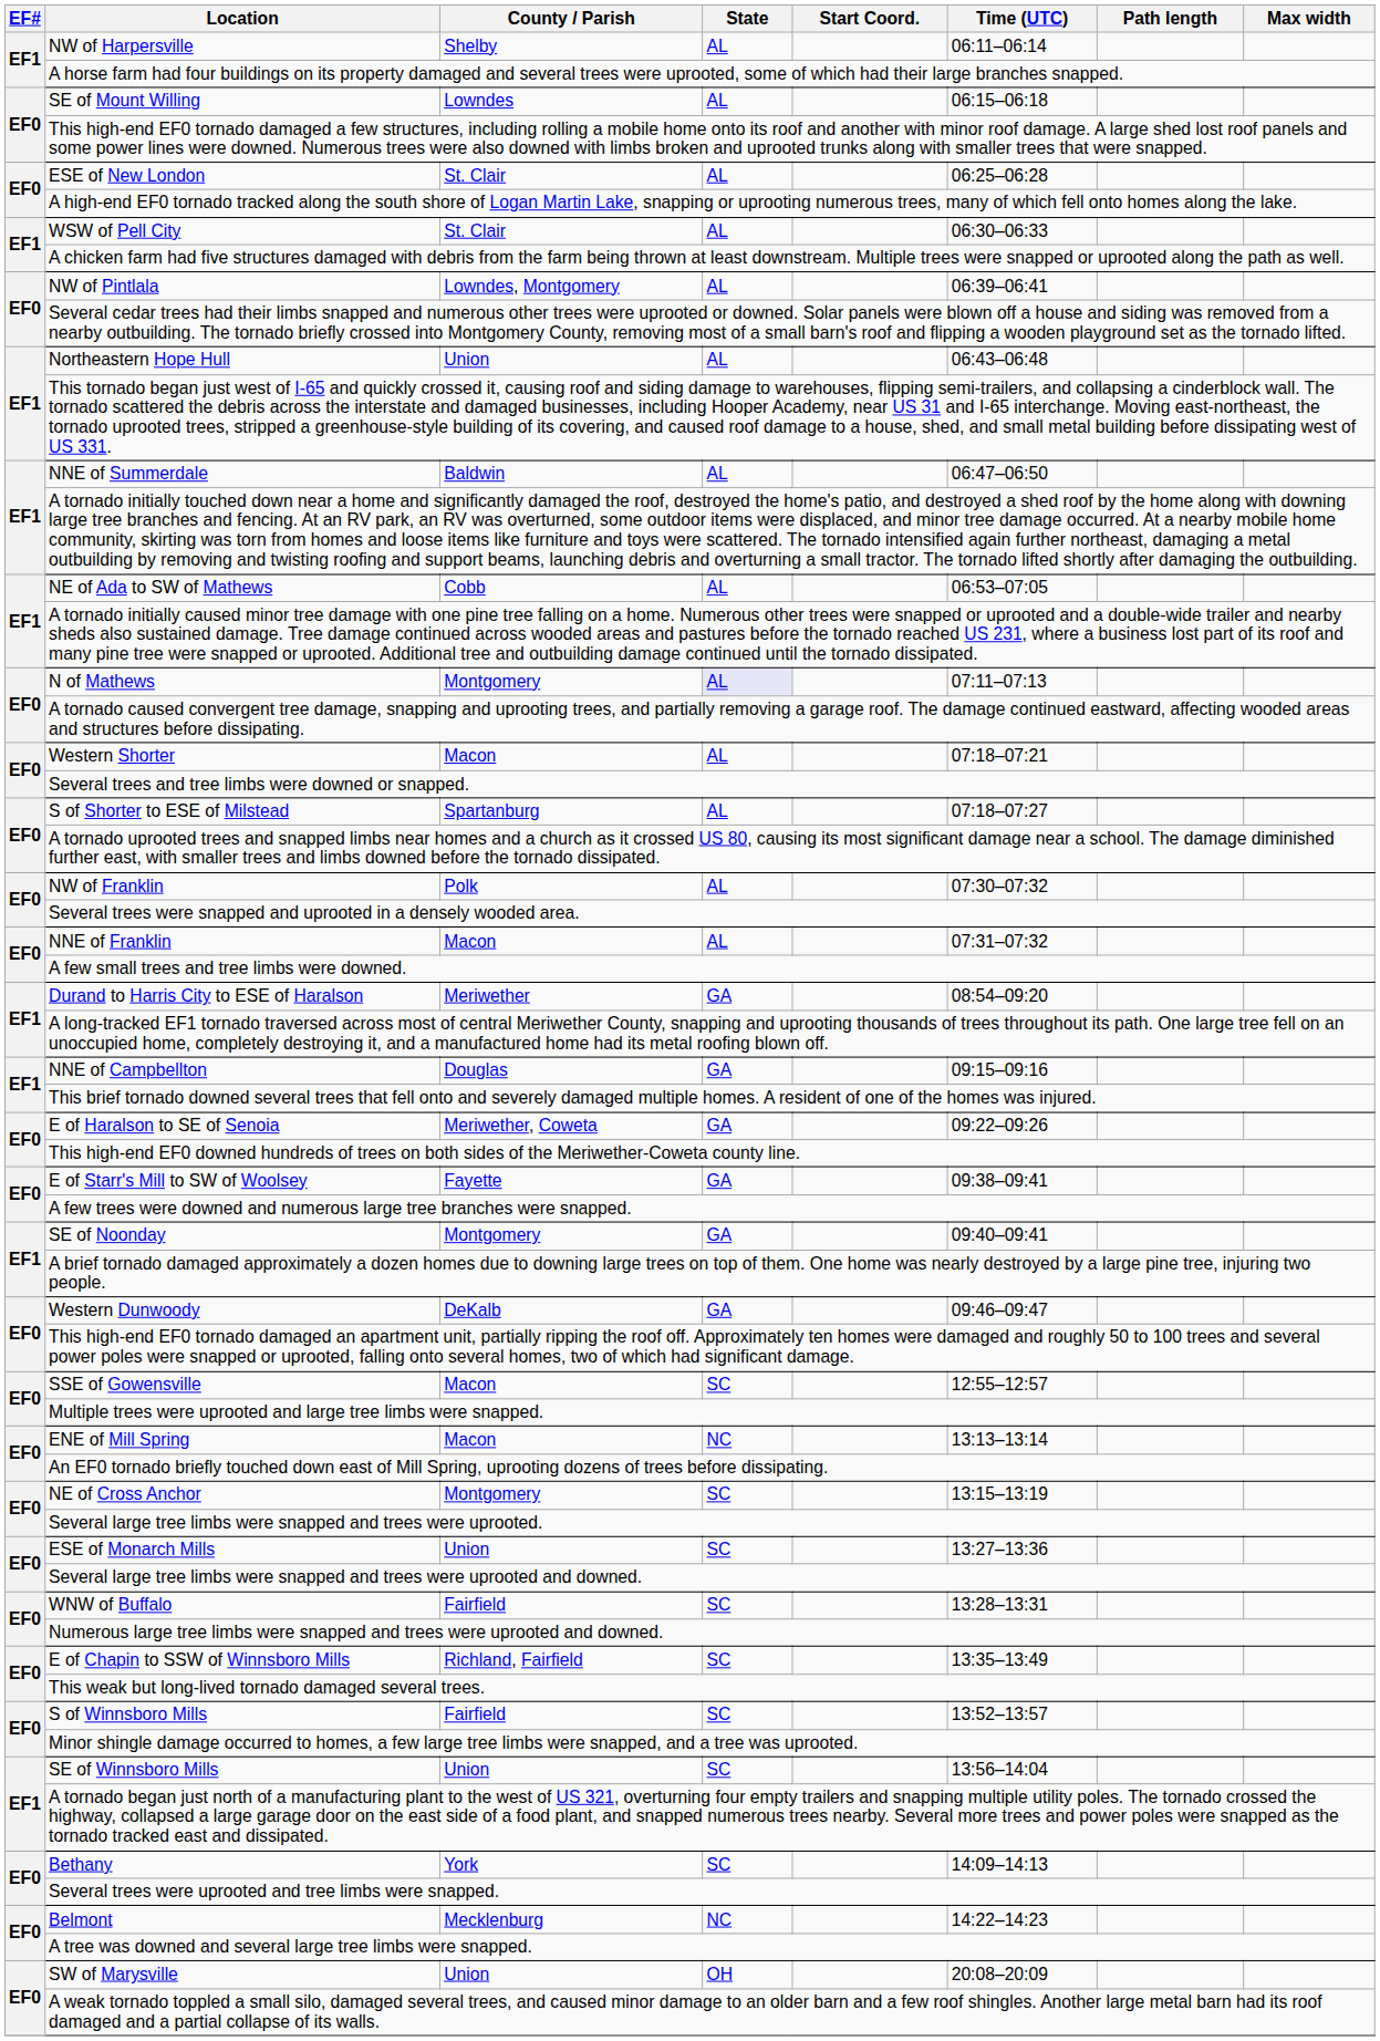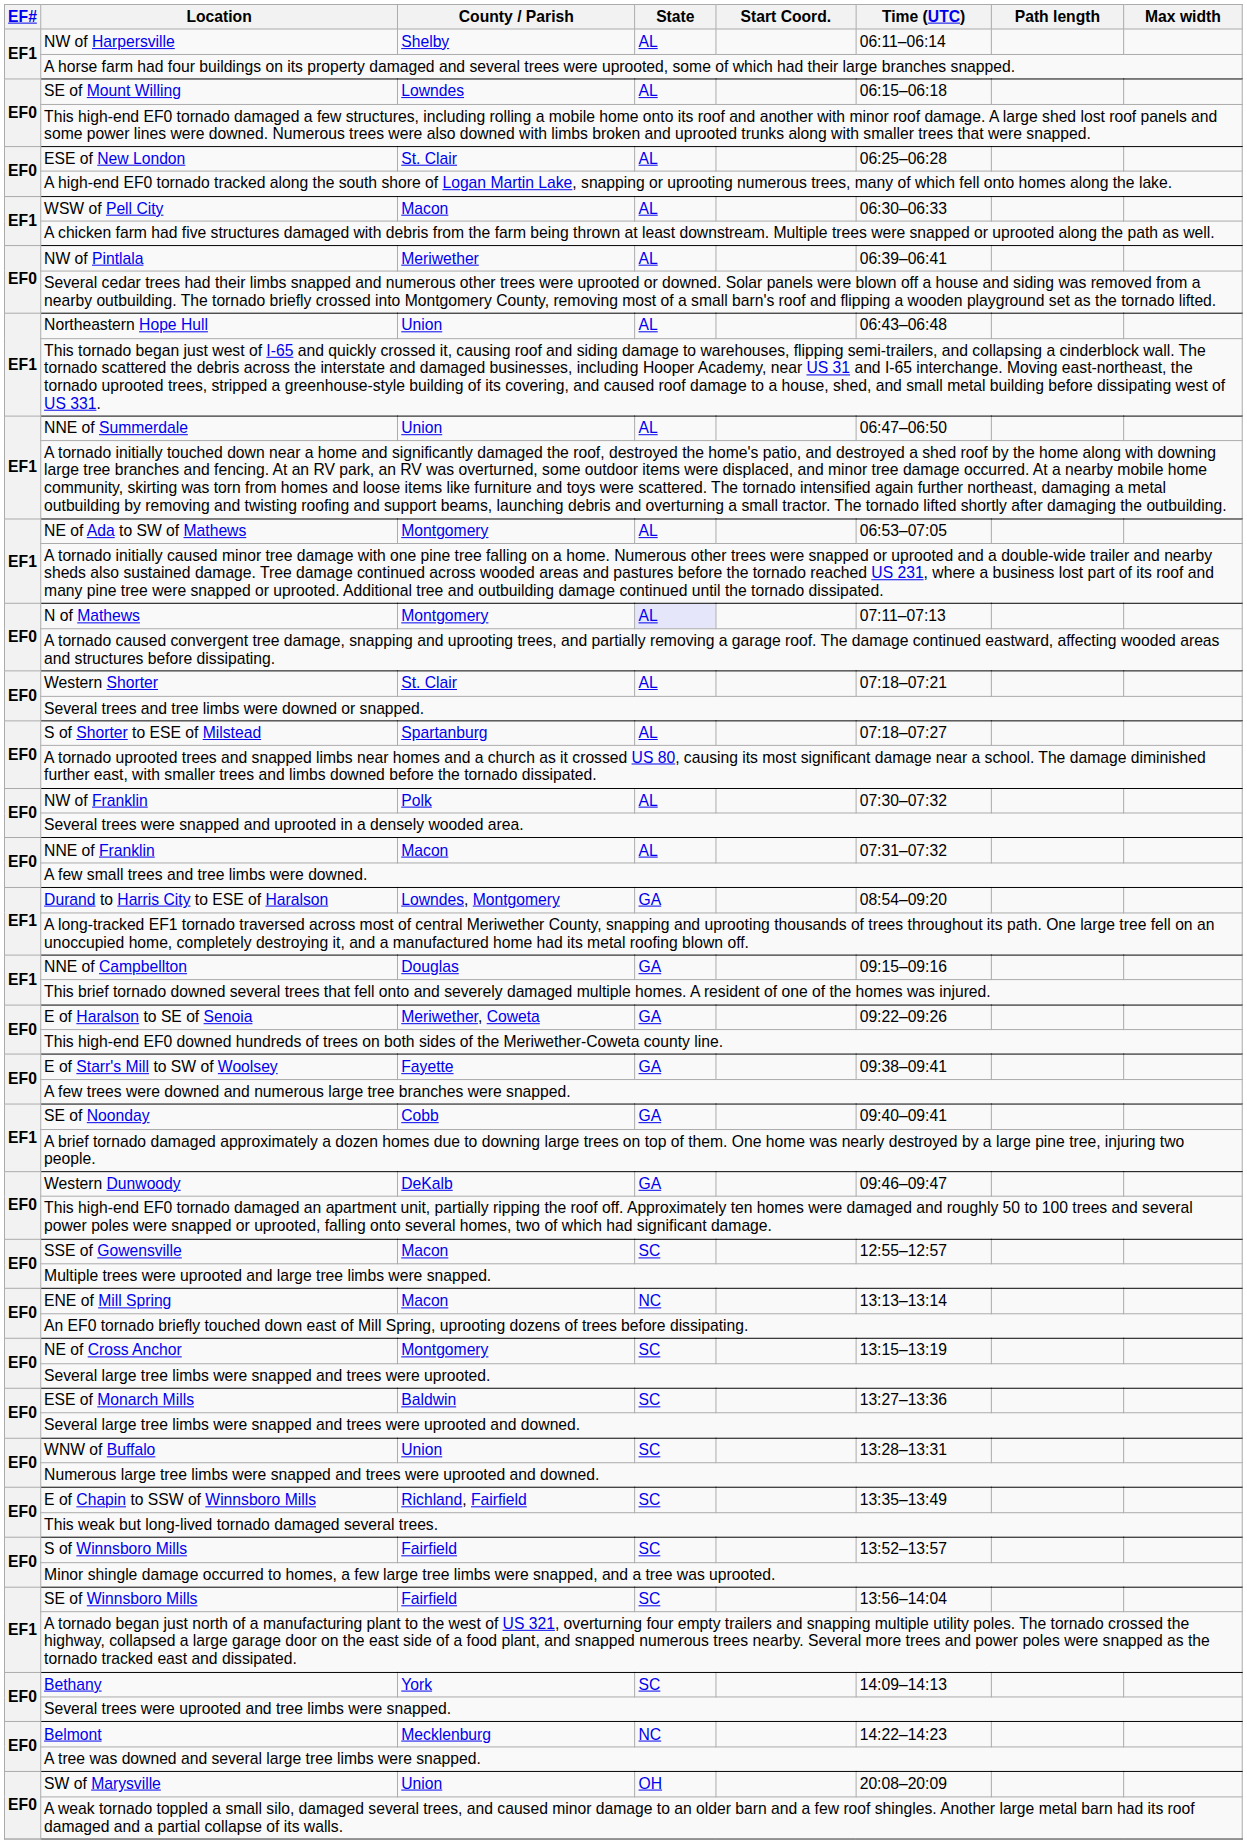 <table class="wikitable sortable" style="width:100%;">
 <tr>
 <th scope="col" width="2%" align="center"><a href='#'>EF#</a></th>
 <th scope="col" align="center" class="unsortable">Location</th>
 <th scope="col" align="center" class="unsortable">County / Parish</th>
 <th scope="col" align="center">State</th>
 <th scope="col" align="center">Start Coord.</th>
 <th scope="col" align="center">Time (<a href='#'>UTC</a>)</th>
 <th scope="col" align="center">Path length</th>
 <th scope="col" align="center">Max width</th>
 </tr>
 <tr>
 <th scope="row" rowspan="2" style="background-color:#">EF1</th>
 <td>NW of <a href='#'>Harpersville</a></td>
 <td><a href='#'>Shelby</a></td>
 <td><a href='#'>AL</a></td>
 <td></td>
 <td>06:11–06:14</td>
 <td></td>
 <td></td>
 </tr>
 <tr class="expand-child">
 <td colspan="7" style=" border-bottom: 1px solid black;">A horse farm had four buildings on its property damaged and several trees were uprooted, some of which had their large branches snapped.</td>
 </tr>
 <tr>
 <th scope="row" rowspan="2" style="background-color:#">EF0</th>
 <td>SE of <a href='#'>Mount Willing</a></td>
 <td><a href='#'>Lowndes</a></td>
 <td><a href='#'>AL</a></td>
 <td></td>
 <td>06:15–06:18</td>
 <td></td>
 <td></td>
 </tr>
 <tr class="expand-child">
 <td colspan="7" style=" border-bottom: 1px solid black;">This high-end EF0 tornado damaged a few structures, including rolling a mobile home onto its roof and another with minor roof damage. A large shed lost roof panels and some power lines were downed. Numerous trees were also downed with limbs broken and uprooted trunks along with smaller trees that were snapped.</td>
 </tr>
 <tr>
 <th scope="row" rowspan="2" style="background-color:#">EF0</th>
 <td>ESE of <a href='#'>New London</a></td>
 <td><a href='#'>St. Clair</a></td>
 <td><a href='#'>AL</a></td>
 <td></td>
 <td>06:25–06:28</td>
 <td></td>
 <td></td>
 </tr>
 <tr class="expand-child">
 <td colspan="7" style=" border-bottom: 1px solid black;">A high-end EF0 tornado tracked along the south shore of <a href='#'>Logan Martin Lake</a>, snapping or uprooting numerous trees, many of which fell onto homes along the lake.</td>
 </tr>
 <tr>
 <th scope="row" rowspan="2" style="background-color:#">EF1</th>
 <td>WSW of <a href='#'>Pell City</a></td>
-<td><a href='#'>St. Clair</a></td>
+<td><a href='#'>Macon</a></td>
 <td><a href='#'>AL</a></td>
 <td></td>
 <td>06:30–06:33</td>
 <td></td>
 <td></td>
 </tr>
 <tr class="expand-child">
 <td colspan="7" style=" border-bottom: 1px solid black;">A chicken farm had five structures damaged with debris from the farm being thrown at least  downstream. Multiple trees were snapped or uprooted along the path as well.</td>
 </tr>
 <tr>
 <th scope="row" rowspan="2" style="background-color:#">EF0</th>
 <td>NW of <a href='#'>Pintlala</a></td>
-<td><a href='#'>Lowndes</a>, <a href='#'>Montgomery</a></td>
+<td><a href='#'>Meriwether</a></td>
 <td><a href='#'>AL</a></td>
 <td></td>
 <td>06:39–06:41</td>
 <td></td>
 <td></td>
 </tr>
 <tr class="expand-child">
 <td colspan="7" style=" border-bottom: 1px solid black;">Several cedar trees had their limbs snapped and numerous other trees were uprooted or downed. Solar panels were blown off a house and siding was removed from a nearby outbuilding. The tornado briefly crossed into Montgomery County, removing most of a small barn's roof and flipping a wooden playground set as the tornado lifted.</td>
 </tr>
 <tr>
 <th scope="row" rowspan="2" style="background-color:#">EF1</th>
 <td>Northeastern <a href='#'>Hope Hull</a></td>
 <td><a href='#'>Union</a></td>
 <td><a href='#'>AL</a></td>
 <td></td>
 <td>06:43–06:48</td>
 <td></td>
 <td></td>
 </tr>
 <tr class="expand-child">
 <td colspan="7" style=" border-bottom: 1px solid black;">This tornado began just west of <a href='#'>I-65</a> and quickly crossed it, causing roof and siding damage to warehouses, flipping semi-trailers, and collapsing a cinderblock wall. The tornado scattered the debris across the interstate and damaged businesses, including Hooper Academy, near <a href='#'>US 31</a> and I-65 interchange. Moving east-northeast, the tornado uprooted trees, stripped a greenhouse-style building of its covering, and caused roof damage to a house, shed, and small metal building before dissipating west of <a href='#'>US 331</a>.</td>
 </tr>
 <tr>
 <th scope="row" rowspan="2" style="background-color:#">EF1</th>
 <td>NNE of <a href='#'>Summerdale</a></td>
-<td><a href='#'>Baldwin</a></td>
+<td><a href='#'>Union</a></td>
 <td><a href='#'>AL</a></td>
 <td></td>
 <td>06:47–06:50</td>
 <td></td>
 <td></td>
 </tr>
 <tr class="expand-child">
 <td colspan="7" style=" border-bottom: 1px solid black;">A tornado initially touched down near a home and significantly damaged the roof, destroyed the home's patio, and destroyed a shed roof by the home along with downing large tree branches and fencing. At an RV park, an RV was overturned, some outdoor items were displaced, and minor tree damage occurred. At a nearby mobile home community, skirting was torn from homes and loose items like furniture and toys were scattered. The tornado intensified again further northeast, damaging a metal outbuilding by removing and twisting roofing and support beams, launching debris and overturning a small tractor. The tornado lifted shortly after damaging the outbuilding.</td>
 </tr>
 <tr>
 <th scope="row" rowspan="2" style="background-color:#">EF1</th>
 <td>NE of <a href='#'>Ada</a> to SW of <a href='#'>Mathews</a></td>
-<td><a href='#'>Cobb</a></td>
+<td><a href='#'>Montgomery</a></td>
 <td><a href='#'>AL</a></td>
 <td></td>
 <td>06:53–07:05</td>
 <td></td>
 <td></td>
 </tr>
 <tr class="expand-child">
 <td colspan="7" style=" border-bottom: 1px solid black;">A tornado initially caused minor tree damage with one pine tree falling on a home. Numerous other trees were snapped or uprooted and a double-wide trailer and nearby sheds also sustained damage. Tree damage continued across wooded areas and pastures before the tornado reached <a href='#'>US 231</a>, where a business lost part of its roof and many pine tree were snapped or uprooted. Additional tree and outbuilding damage continued until the tornado dissipated.</td>
 </tr>
 <tr>
 <th scope="row" rowspan="2" style="background-color:#">EF0</th>
 <td>N of <a href='#'>Mathews</a></td>
 <td><a href='#'>Montgomery</a></td>
 <td style="background: lavender;"><a href='#'>AL</a></td>
 <td></td>
 <td>07:11–07:13</td>
 <td></td>
 <td></td>
 </tr>
 <tr class="expand-child">
 <td colspan="7" style=" border-bottom: 1px solid black;">A tornado caused convergent tree damage, snapping and uprooting trees, and partially removing a garage roof. The damage continued eastward, affecting wooded areas and structures before dissipating.</td>
 </tr>
 <tr>
 <th scope="row" rowspan="2" style="background-color:#">EF0</th>
 <td>Western <a href='#'>Shorter</a></td>
-<td><a href='#'>Macon</a></td>
+<td><a href='#'>St. Clair</a></td>
 <td><a href='#'>AL</a></td>
 <td></td>
 <td>07:18–07:21</td>
 <td></td>
 <td></td>
 </tr>
 <tr class="expand-child">
 <td colspan="7" style=" border-bottom: 1px solid black;">Several trees and tree limbs were downed or snapped.</td>
 </tr>
 <tr>
 <th scope="row" rowspan="2" style="background-color:#">EF0</th>
 <td>S of <a href='#'>Shorter</a> to ESE of <a href='#'>Milstead</a></td>
 <td><a href='#'>Spartanburg</a></td>
 <td><a href='#'>AL</a></td>
 <td></td>
 <td>07:18–07:27</td>
 <td></td>
 <td></td>
 </tr>
 <tr class="expand-child">
 <td colspan="7" style=" border-bottom: 1px solid black;">A tornado uprooted trees and snapped limbs near homes and a church as it crossed <a href='#'>US 80</a>, causing its most significant damage near a school. The damage diminished further east, with smaller trees and limbs downed before the tornado dissipated.</td>
 </tr>
 <tr>
 <th scope="row" rowspan="2" style="background-color:#">EF0</th>
 <td>NW of <a href='#'>Franklin</a></td>
 <td><a href='#'>Polk</a></td>
 <td><a href='#'>AL</a></td>
 <td></td>
 <td>07:30–07:32</td>
 <td></td>
 <td></td>
 </tr>
 <tr class="expand-child">
 <td colspan="7" style=" border-bottom: 1px solid black;">Several trees were snapped and uprooted in a densely wooded area.</td>
 </tr>
 <tr>
 <th scope="row" rowspan="2" style="background-color:#">EF0</th>
 <td>NNE of <a href='#'>Franklin</a></td>
 <td><a href='#'>Macon</a></td>
 <td><a href='#'>AL</a></td>
 <td></td>
 <td>07:31–07:32</td>
 <td></td>
 <td></td>
 </tr>
 <tr class="expand-child">
 <td colspan="7" style=" border-bottom: 1px solid black;">A few small trees and tree limbs were downed.</td>
 </tr>
 <tr>
 <th scope="row" rowspan="2" style="background-color:#">EF1</th>
 <td><a href='#'>Durand</a> to <a href='#'>Harris City</a> to ESE of <a href='#'>Haralson</a></td>
-<td><a href='#'>Meriwether</a></td>
+<td><a href='#'>Lowndes</a>, <a href='#'>Montgomery</a></td>
 <td><a href='#'>GA</a></td>
 <td></td>
 <td>08:54–09:20</td>
 <td></td>
 <td></td>
 </tr>
 <tr class="expand-child">
 <td colspan="7" style=" border-bottom: 1px solid black;">A long-tracked EF1 tornado traversed across most of central Meriwether County, snapping and uprooting thousands of trees throughout its path. One large tree fell on an unoccupied home, completely destroying it, and a manufactured home had its metal roofing blown off.</td>
 </tr>
 <tr>
 <th scope="row" rowspan="2" style="background-color:#">EF1</th>
 <td>NNE of <a href='#'>Campbellton</a></td>
 <td><a href='#'>Douglas</a></td>
 <td><a href='#'>GA</a></td>
 <td></td>
 <td>09:15–09:16</td>
 <td></td>
 <td></td>
 </tr>
 <tr class="expand-child">
 <td colspan="7" style=" border-bottom: 1px solid black;">This brief tornado downed several trees that fell onto and severely damaged multiple homes. A resident of one of the homes was injured.</td>
 </tr>
 <tr>
 <th scope="row" rowspan="2" style="background-color:#">EF0</th>
 <td>E of <a href='#'>Haralson</a> to SE of <a href='#'>Senoia</a></td>
 <td><a href='#'>Meriwether</a>, <a href='#'>Coweta</a></td>
 <td><a href='#'>GA</a></td>
 <td></td>
 <td>09:22–09:26</td>
 <td></td>
 <td></td>
 </tr>
 <tr class="expand-child">
 <td colspan="7" style=" border-bottom: 1px solid black;">This high-end EF0 downed hundreds of trees on both sides of the Meriwether-Coweta county line.</td>
 </tr>
 <tr>
 <th scope="row" rowspan="2" style="background-color:#">EF0</th>
 <td>E of <a href='#'>Starr's Mill</a> to SW of <a href='#'>Woolsey</a></td>
 <td><a href='#'>Fayette</a></td>
 <td><a href='#'>GA</a></td>
 <td></td>
 <td>09:38–09:41</td>
 <td></td>
 <td></td>
 </tr>
 <tr class="expand-child">
 <td colspan="7" style=" border-bottom: 1px solid black;">A few trees were downed and numerous large tree branches were snapped.</td>
 </tr>
 <tr>
 <th scope="row" rowspan="2" style="background-color:#">EF1</th>
 <td>SE of <a href='#'>Noonday</a></td>
-<td><a href='#'>Montgomery</a></td>
+<td><a href='#'>Cobb</a></td>
 <td><a href='#'>GA</a></td>
 <td></td>
 <td>09:40–09:41</td>
 <td></td>
 <td></td>
 </tr>
 <tr class="expand-child">
 <td colspan="7" style=" border-bottom: 1px solid black;">A brief tornado damaged approximately a dozen homes due to downing large trees on top of them. One home was nearly destroyed by a large pine tree, injuring two people.</td>
 </tr>
 <tr>
 <th scope="row" rowspan="2" style="background-color:#">EF0</th>
 <td>Western <a href='#'>Dunwoody</a></td>
 <td><a href='#'>DeKalb</a></td>
 <td><a href='#'>GA</a></td>
 <td></td>
 <td>09:46–09:47</td>
 <td></td>
 <td></td>
 </tr>
 <tr class="expand-child">
 <td colspan="7" style=" border-bottom: 1px solid black;">This high-end EF0 tornado damaged an apartment unit, partially ripping the roof off. Approximately ten homes were damaged and roughly 50 to 100 trees and several power poles were snapped or uprooted, falling onto several homes, two of which had significant damage.</td>
 </tr>
 <tr>
 <th scope="row" rowspan="2" style="background-color:#">EF0</th>
 <td>SSE of <a href='#'>Gowensville</a></td>
 <td><a href='#'>Macon</a></td>
 <td><a href='#'>SC</a></td>
 <td></td>
 <td>12:55–12:57</td>
 <td></td>
 <td></td>
 </tr>
 <tr class="expand-child">
 <td colspan="7" style=" border-bottom: 1px solid black;">Multiple trees were uprooted and large tree limbs were snapped.</td>
 </tr>
 <tr>
 <th scope="row" rowspan="2" style="background-color:#">EF0</th>
 <td>ENE of <a href='#'>Mill Spring</a></td>
 <td><a href='#'>Macon</a></td>
 <td><a href='#'>NC</a></td>
 <td></td>
 <td>13:13–13:14</td>
 <td></td>
 <td></td>
 </tr>
 <tr class="expand-child">
 <td colspan="7" style=" border-bottom: 1px solid black;">An EF0 tornado briefly touched down east of Mill Spring, uprooting dozens of trees before dissipating.</td>
 </tr>
 <tr>
 <th scope="row" rowspan="2" style="background-color:#">EF0</th>
 <td>NE of <a href='#'>Cross Anchor</a></td>
 <td><a href='#'>Montgomery</a></td>
 <td><a href='#'>SC</a></td>
 <td></td>
 <td>13:15–13:19</td>
 <td></td>
 <td></td>
 </tr>
 <tr class="expand-child">
 <td colspan="7" style=" border-bottom: 1px solid black;">Several large tree limbs were snapped and trees were uprooted.</td>
 </tr>
 <tr>
 <th scope="row" rowspan="2" style="background-color:#">EF0</th>
 <td>ESE of <a href='#'>Monarch Mills</a></td>
-<td><a href='#'>Union</a></td>
+<td><a href='#'>Baldwin</a></td>
 <td><a href='#'>SC</a></td>
 <td></td>
 <td>13:27–13:36</td>
 <td></td>
 <td></td>
 </tr>
 <tr class="expand-child">
 <td colspan="7" style=" border-bottom: 1px solid black;">Several large tree limbs were snapped and trees were uprooted and downed.</td>
 </tr>
 <tr>
 <th scope="row" rowspan="2" style="background-color:#">EF0</th>
 <td>WNW of <a href='#'>Buffalo</a></td>
-<td><a href='#'>Fairfield</a></td>
+<td><a href='#'>Union</a></td>
 <td><a href='#'>SC</a></td>
 <td></td>
 <td>13:28–13:31</td>
 <td></td>
 <td></td>
 </tr>
 <tr class="expand-child">
 <td colspan="7" style=" border-bottom: 1px solid black;">Numerous large tree limbs were snapped and trees were uprooted and downed.</td>
 </tr>
 <tr>
 <th scope="row" rowspan="2" style="background-color:#">EF0</th>
 <td>E of <a href='#'>Chapin</a> to SSW of <a href='#'>Winnsboro Mills</a></td>
 <td><a href='#'>Richland</a>, <a href='#'>Fairfield</a></td>
 <td><a href='#'>SC</a></td>
 <td></td>
 <td>13:35–13:49</td>
 <td></td>
 <td></td>
 </tr>
 <tr class="expand-child">
 <td colspan="7" style=" border-bottom: 1px solid black;">This weak but long-lived tornado damaged several trees.</td>
 </tr>
 <tr>
 <th scope="row" rowspan="2" style="background-color:#">EF0</th>
 <td>S of <a href='#'>Winnsboro Mills</a></td>
 <td><a href='#'>Fairfield</a></td>
 <td><a href='#'>SC</a></td>
 <td></td>
 <td>13:52–13:57</td>
 <td></td>
 <td></td>
 </tr>
 <tr class="expand-child">
 <td colspan="7" style=" border-bottom: 1px solid black;">Minor shingle damage occurred to homes, a few large tree limbs were snapped, and a tree was uprooted.</td>
 </tr>
 <tr>
 <th scope="row" rowspan="2" style="background-color:#">EF1</th>
 <td>SE of <a href='#'>Winnsboro Mills</a></td>
-<td><a href='#'>Union</a></td>
+<td><a href='#'>Fairfield</a></td>
 <td><a href='#'>SC</a></td>
 <td></td>
 <td>13:56–14:04</td>
 <td></td>
 <td></td>
 </tr>
 <tr class="expand-child">
 <td colspan="7" style=" border-bottom: 1px solid black;">A tornado began just north of a manufacturing plant to the west of <a href='#'>US 321</a>, overturning four empty trailers and snapping multiple utility poles. The tornado crossed the highway, collapsed a large garage door on the east side of a food plant, and snapped numerous trees nearby. Several more trees and power poles were snapped as the tornado tracked east and dissipated.</td>
 </tr>
 <tr>
 <th scope="row" rowspan="2" style="background-color:#">EF0</th>
 <td><a href='#'>Bethany</a></td>
 <td><a href='#'>York</a></td>
 <td><a href='#'>SC</a></td>
 <td></td>
 <td>14:09–14:13</td>
 <td></td>
 <td></td>
 </tr>
 <tr class="expand-child">
 <td colspan="7" style=" border-bottom: 1px solid black;">Several trees were uprooted and tree limbs were snapped.</td>
 </tr>
 <tr>
 <th scope="row" rowspan="2" style="background-color:#">EF0</th>
 <td><a href='#'>Belmont</a></td>
 <td><a href='#'>Mecklenburg</a></td>
 <td><a href='#'>NC</a></td>
 <td></td>
 <td>14:22–14:23</td>
 <td></td>
 <td></td>
 </tr>
 <tr class="expand-child">
 <td colspan="7" style=" border-bottom: 1px solid black;">A tree was downed and several large tree limbs were snapped.</td>
 </tr>
 <tr>
 <th scope="row" rowspan="2" style="background-color:#">EF0</th>
 <td>SW of <a href='#'>Marysville</a></td>
 <td><a href='#'>Union</a></td>
 <td><a href='#'>OH</a></td>
 <td></td>
 <td>20:08–20:09</td>
 <td></td>
 <td></td>
 </tr>
 <tr class="expand-child">
 <td colspan="7" style=" border-bottom: 1px solid black;">A weak tornado toppled a small silo, damaged several trees, and caused minor damage to an older barn and a few roof shingles. Another large metal barn had its roof damaged and a partial collapse of its walls.</td>
 </tr>
 <tr>
 </tr>
 </table>
